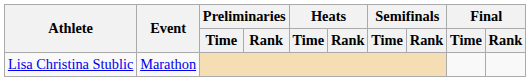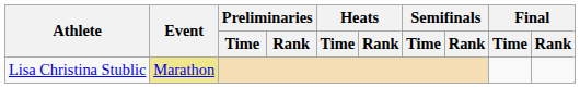 <table class=wikitable style="font-size:90%;">
 <tr>
 <th rowspan="2">Athlete</th>
 <th rowspan="2">Event</th>
 <th colspan="2">Preliminaries</th>
 <th colspan="2">Heats</th>
 <th colspan="2">Semifinals</th>
 <th colspan="2">Final</th>
 </tr>
 <tr>
 <th>Time</th>
 <th>Rank</th>
 <th>Time</th>
 <th>Rank</th>
 <th>Time</th>
 <th>Rank</th>
 <th>Time</th>
 <th>Rank</th>
 </tr>
 <tr style="border-top: single;">
 <td><a href='#'>Lisa Christina Stublic</a></td>
-<td><a href='#'>Marathon</a></td>
+<td style="background: khaki;"><a href='#'>Marathon</a></td>
 <td colspan= 6 bgcolor="wheat"></td>
 <td align=center></td>
 <td align=center></td>
 </tr>
 </table>
